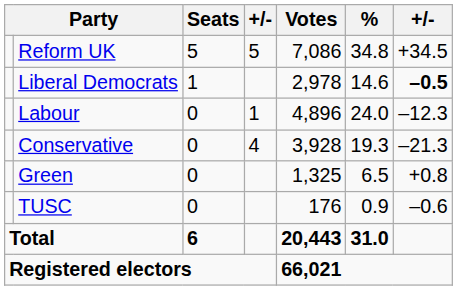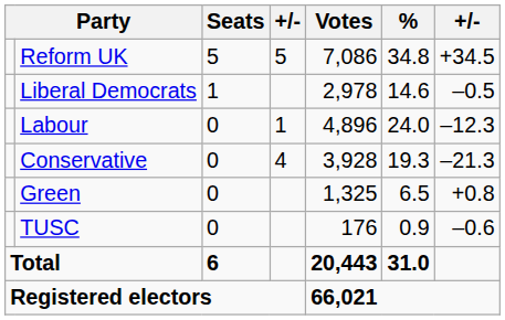 <table class="wikitable sortable">
 <tr>
 <th colspan="2">Party</th>
 <th>Seats</th>
 <th>+/-</th>
 <th>Votes</th>
 <th>%</th>
 <th>+/-</th>
 </tr>
 <tr>
 <td style="background-color: "></td>
 <td><a href='#'>Reform UK</a></td>
 <td>5</td>
 <td> 5</td>
 <td style="text-align:right;">7,086</td>
 <td style="text-align:right;">34.8</td>
 <td style="text-align:right;">+34.5</td>
 </tr>
 <tr>
 <td style="background-color: "></td>
 <td><a href='#'>Liberal Democrats</a></td>
 <td>1</td>
 <td></td>
 <td style="text-align:right;">2,978</td>
 <td style="text-align:right;">14.6</td>
-<td style="text-align:right;"><strong>–0.5</strong></td>
+<td style="text-align:right;">–0.5</td>
 </tr>
 <tr>
 <td style="background-color: "></td>
 <td><a href='#'>Labour</a></td>
 <td>0</td>
 <td> 1</td>
 <td style="text-align:right;">4,896</td>
 <td style="text-align:right;">24.0</td>
 <td style="text-align:right;">–12.3</td>
 </tr>
 <tr>
 <td style="background-color: "></td>
 <td><a href='#'>Conservative</a></td>
 <td>0</td>
 <td> 4</td>
 <td style="text-align:right;">3,928</td>
 <td style="text-align:right;">19.3</td>
 <td style="text-align:right;">–21.3</td>
 </tr>
 <tr>
 <td style="background-color: "></td>
 <td><a href='#'>Green</a></td>
 <td>0</td>
 <td></td>
 <td style="text-align:right;">1,325</td>
 <td style="text-align:right;">6.5</td>
 <td style="text-align:right;">+0.8</td>
 </tr>
 <tr>
 <td style="background-color: "></td>
 <td><a href='#'>TUSC</a></td>
 <td>0</td>
 <td></td>
 <td style="text-align:right;">176</td>
 <td style="text-align:right;">0.9</td>
 <td style="text-align:right;">–0.6</td>
 </tr>
 <tr>
 <td colspan="2"><strong>Total</strong></td>
 <td><strong>6</strong></td>
 <td></td>
 <td style="text-align:right;"><strong>20,443</strong></td>
 <td style="text-align:right;"><strong>31.0</strong></td>
 <td style="text-align:right;"></td>
 </tr>
 <tr>
 <td colspan="4"><strong>Registered electors</strong></td>
 <td colspan="3" style="text-align:left;"><strong>66,021</strong></td>
 </tr>
 </table>
